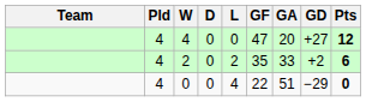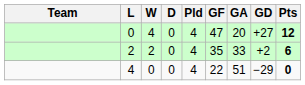 <table class="wikitable" style="text-align:center;">
 <tr>
 <th width=150>Team</th>
-<th width=20>Pld</th>
+<th width=20>L</th>
 <th width=20>W</th>
 <th width=20>D</th>
-<th width=20>L</th>
+<th width=20>Pld</th>
 <th width=20>GF</th>
 <th width=20>GA</th>
 <th width=20>GD</th>
 <th width=20>Pts</th>
 </tr>
 <tr bgcolor=ccffcc>
 <td align="left"></td>
-<td>4</td>
+<td>0</td>
 <td>4</td>
 <td>0</td>
-<td>0</td>
+<td>4</td>
 <td>47</td>
 <td>20</td>
 <td>+27</td>
 <td><strong>12</strong></td>
 </tr>
 <tr bgcolor=ccffcc>
 <td align="left"></td>
-<td>4</td>
+<td>2</td>
 <td>2</td>
 <td>0</td>
-<td>2</td>
+<td>4</td>
 <td>35</td>
 <td>33</td>
 <td>+2</td>
 <td><strong>6</strong></td>
 </tr>
 <tr>
 <td align="left"></td>
 <td>4</td>
 <td>0</td>
 <td>0</td>
 <td>4</td>
 <td>22</td>
 <td>51</td>
 <td>−29</td>
 <td><strong>0</strong></td>
 </tr>
 </table>
